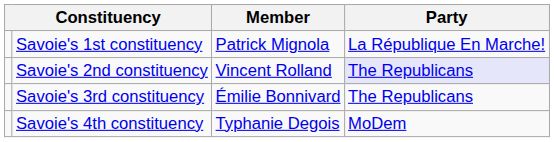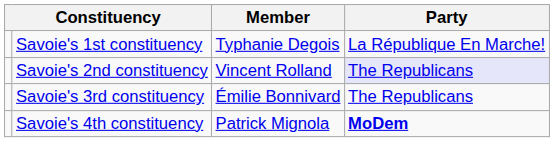 <table class="wikitable">
 <tr>
 <th colspan="2">Constituency</th>
 <th>Member</th>
 <th>Party</th>
 </tr>
 <tr>
 <td style="background-color: "></td>
 <td><a href='#'>Savoie's 1st constituency</a></td>
-<td><a href='#'>Patrick Mignola</a></td>
+<td><a href='#'>Typhanie Degois</a></td>
 <td><a href='#'>La République En Marche!</a></td>
 </tr>
 <tr>
 <td style="background-color: "></td>
 <td><a href='#'>Savoie's 2nd constituency</a></td>
 <td><a href='#'>Vincent Rolland</a></td>
 <td style="background: lavender;"><a href='#'>The Republicans</a></td>
 </tr>
 <tr>
 <td style="background-color: "></td>
 <td><a href='#'>Savoie's 3rd constituency</a></td>
 <td><a href='#'>Émilie Bonnivard</a></td>
 <td><a href='#'>The Republicans</a></td>
 </tr>
 <tr>
 <td style="background-color: "></td>
 <td><a href='#'>Savoie's 4th constituency</a></td>
-<td><a href='#'>Typhanie Degois</a></td>
-<td><a href='#'>MoDem</a></td>
+<td><a href='#'>Patrick Mignola</a></td>
+<td><strong><a href='#'>MoDem</a></strong></td>
 </tr>
 </table>
